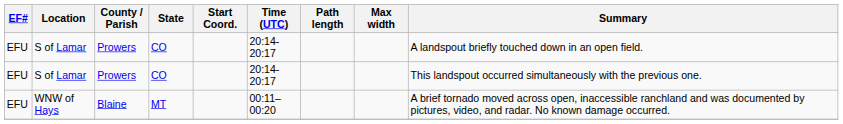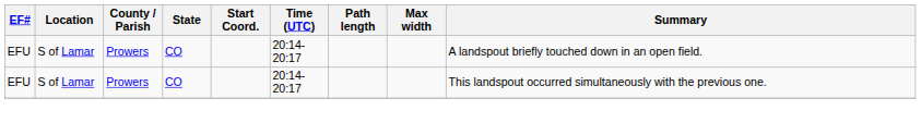 <table class="wikitable sortable" style="width:100%;">
 <tr>
 <th scope="col"  style="width:3%; text-align:center;"><a href='#'>EF#</a></th>
 <th scope="col"  style="width:7%; text-align:center;" class="unsortable">Location</th>
 <th scope="col"  style="width:6%; text-align:center;" class="unsortable">County / Parish</th>
 <th scope="col"  style="width:5%; text-align:center;">State</th>
 <th scope="col"  style="width:6%; text-align:center;">Start Coord.</th>
 <th scope="col"  style="width:6%; text-align:center;">Time (<a href='#'>UTC</a>)</th>
 <th scope="col"  style="width:6%; text-align:center;">Path length</th>
 <th scope="col"  style="width:6%; text-align:center;">Max width</th>
 <th scope="col" class="unsortable" style="width:48%; text-align:center;">Summary</th>
 </tr>
 <tr>
 <td>EFU</td>
 <td>S of <a href='#'>Lamar</a></td>
 <td><a href='#'>Prowers</a></td>
 <td><a href='#'>CO</a></td>
 <td></td>
 <td>20:14-20:17</td>
 <td></td>
 <td></td>
 <td>A landspout briefly touched down in an open field.</td>
 </tr>
 <tr>
 <td>EFU</td>
 <td>S of <a href='#'>Lamar</a></td>
 <td><a href='#'>Prowers</a></td>
 <td><a href='#'>CO</a></td>
 <td></td>
 <td>20:14-20:17</td>
 <td></td>
 <td></td>
 <td>This landspout occurred simultaneously with the previous one.</td>
 </tr>
 <tr>
-<td>EFU</td>
-<td>WNW of <a href='#'>Hays</a></td>
-<td><a href='#'>Blaine</a></td>
-<td><a href='#'>MT</a></td>
-<td></td>
-<td>00:11–00:20</td>
-<td></td>
-<td></td>
-<td>A brief tornado moved across open, inaccessible ranchland and was documented by pictures, video, and radar. No known damage occurred.</td>
-</tr>
-<tr>
 </tr>
 </table>
